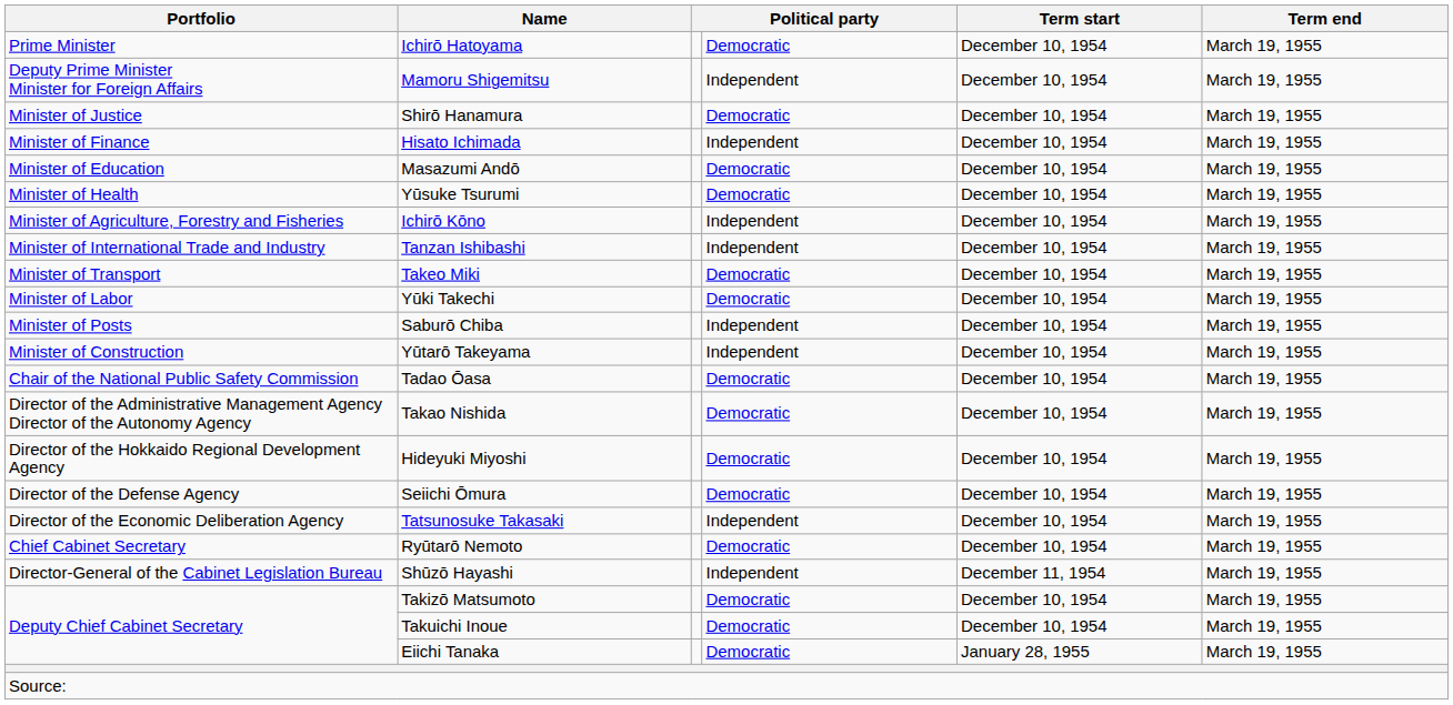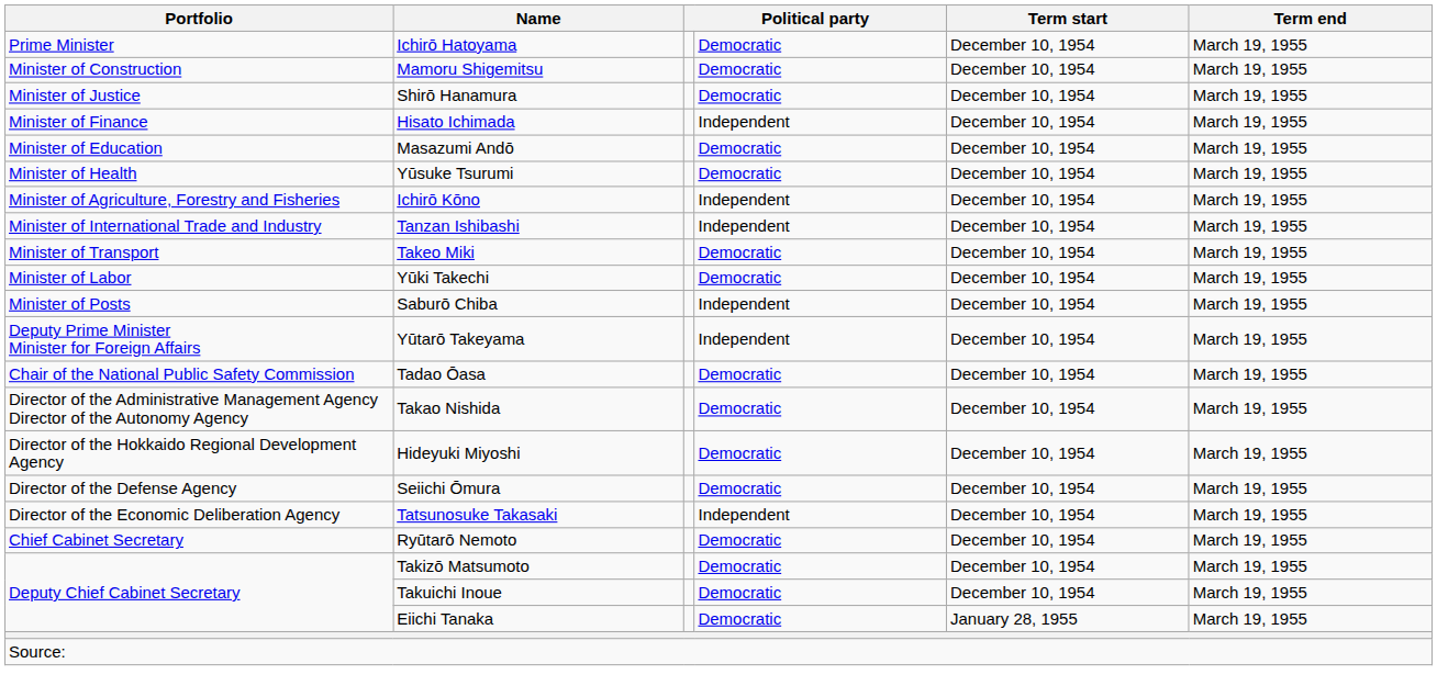 <table class="wikitable" style="font-size: 90%;">
 <tr>
 <th scope="col" width="20%">Portfolio</th>
 <th scope="col" width="15%">Name</th>
 <th colspan="2" scope="col" width="13.5%">Political party</th>
 <th scope="col" width="12.5%">Term start</th>
 <th scope="col" width="12.5%">Term end</th>
 </tr>
 <tr>
 <td style="text-align: left;"><a href='#'>Prime Minister</a></td>
 <td><a href='#'>Ichirō Hatoyama</a></td>
 <td width="0.5%" style="background:"></td>
 <td><a href='#'>Democratic</a></td>
 <td>December 10, 1954</td>
 <td>March 19, 1955</td>
 </tr>
 <tr>
-<td><a href='#'>Deputy Prime Minister</a><br><a href='#'>Minister for Foreign Affairs</a></td>
+<td><a href='#'>Minister of Construction</a></td>
 <td><a href='#'>Mamoru Shigemitsu</a></td>
 <td style="color:inherit;background:"></td>
-<td>Independent</td>
+<td><a href='#'>Democratic</a></td>
 <td>December 10, 1954</td>
 <td>March 19, 1955</td>
 </tr>
 <tr>
 <td><a href='#'>Minister of Justice</a></td>
 <td>Shirō Hanamura</td>
 <td style="color:inherit;background:"></td>
 <td><a href='#'>Democratic</a></td>
 <td>December 10, 1954</td>
 <td>March 19, 1955</td>
 </tr>
 <tr>
 <td><a href='#'>Minister of Finance</a></td>
 <td><a href='#'>Hisato Ichimada</a></td>
 <td style="color:inherit;background:"></td>
 <td>Independent</td>
 <td>December 10, 1954</td>
 <td>March 19, 1955</td>
 </tr>
 <tr>
 <td><a href='#'>Minister of Education</a></td>
 <td>Masazumi Andō</td>
 <td style="color:inherit;background:"></td>
 <td><a href='#'>Democratic</a></td>
 <td>December 10, 1954</td>
 <td>March 19, 1955</td>
 </tr>
 <tr>
 <td><a href='#'>Minister of Health</a></td>
 <td>Yūsuke Tsurumi</td>
 <td style="color:inherit;background:"></td>
 <td><a href='#'>Democratic</a></td>
 <td>December 10, 1954</td>
 <td>March 19, 1955</td>
 </tr>
 <tr>
 <td><a href='#'>Minister of Agriculture, Forestry and Fisheries</a></td>
 <td><a href='#'>Ichirō Kōno</a></td>
 <td style="color:inherit;background:"></td>
 <td>Independent</td>
 <td>December 10, 1954</td>
 <td>March 19, 1955</td>
 </tr>
 <tr>
 <td><a href='#'>Minister of International Trade and Industry</a></td>
 <td><a href='#'>Tanzan Ishibashi</a></td>
 <td style="color:inherit;background:"></td>
 <td>Independent</td>
 <td>December 10, 1954</td>
 <td>March 19, 1955</td>
 </tr>
 <tr>
 <td><a href='#'>Minister of Transport</a></td>
 <td><a href='#'>Takeo Miki</a></td>
 <td style="color:inherit;background:"></td>
 <td><a href='#'>Democratic</a></td>
 <td>December 10, 1954</td>
 <td>March 19, 1955</td>
 </tr>
 <tr>
 <td><a href='#'>Minister of Labor</a></td>
 <td>Yūki Takechi</td>
 <td style="color:inherit;background:"></td>
 <td><a href='#'>Democratic</a></td>
 <td>December 10, 1954</td>
 <td>March 19, 1955</td>
 </tr>
 <tr>
 <td><a href='#'>Minister of Posts</a></td>
 <td>Saburō Chiba</td>
 <td style="color:inherit;background:"></td>
 <td>Independent</td>
 <td>December 10, 1954</td>
 <td>March 19, 1955</td>
 </tr>
 <tr>
-<td><a href='#'>Minister of Construction</a></td>
+<td><a href='#'>Deputy Prime Minister</a><br><a href='#'>Minister for Foreign Affairs</a></td>
 <td>Yūtarō Takeyama</td>
 <td style="color:inherit;background:"></td>
 <td>Independent</td>
 <td>December 10, 1954</td>
 <td>March 19, 1955</td>
 </tr>
 <tr>
 <td><a href='#'>Chair of the National Public Safety Commission</a></td>
 <td>Tadao Ōasa</td>
 <td style="color:inherit;background:"></td>
 <td><a href='#'>Democratic</a></td>
 <td>December 10, 1954</td>
 <td>March 19, 1955</td>
 </tr>
 <tr>
 <td>Director of the Administrative Management Agency<br>Director of the Autonomy Agency</td>
 <td>Takao Nishida</td>
 <td style="color:inherit;background:"></td>
 <td><a href='#'>Democratic</a></td>
 <td>December 10, 1954</td>
 <td>March 19, 1955</td>
 </tr>
 <tr>
 <td>Director of the Hokkaido Regional Development Agency</td>
 <td>Hideyuki Miyoshi</td>
 <td style="color:inherit;background:"></td>
 <td><a href='#'>Democratic</a></td>
 <td>December 10, 1954</td>
 <td>March 19, 1955</td>
 </tr>
 <tr>
 <td>Director of the Defense Agency</td>
 <td>Seiichi Ōmura</td>
 <td style="color:inherit;background:"></td>
 <td><a href='#'>Democratic</a></td>
 <td>December 10, 1954</td>
 <td>March 19, 1955</td>
 </tr>
 <tr>
 <td>Director of the Economic Deliberation Agency</td>
 <td><a href='#'>Tatsunosuke Takasaki</a></td>
 <td style="color:inherit;background:"></td>
 <td>Independent</td>
 <td>December 10, 1954</td>
 <td>March 19, 1955</td>
 </tr>
 <tr>
 <td><a href='#'>Chief Cabinet Secretary</a></td>
 <td>Ryūtarō Nemoto</td>
 <td style="color:inherit;background:"></td>
 <td><a href='#'>Democratic</a></td>
 <td>December 10, 1954</td>
 <td>March 19, 1955</td>
 </tr>
 <tr>
-<td>Director-General of the <a href='#'>Cabinet Legislation Bureau</a></td>
-<td>Shūzō Hayashi</td>
-<td style="color:inherit;background:"></td>
-<td>Independent</td>
-<td>December 11, 1954</td>
-<td>March 19, 1955</td>
-</tr>
-<tr>
 <td rowspan="3"><a href='#'>Deputy Chief Cabinet Secretary</a></td>
 <td>Takizō Matsumoto</td>
 <td style="color:inherit;background:"></td>
 <td><a href='#'>Democratic</a></td>
 <td>December 10, 1954</td>
 <td>March 19, 1955</td>
 </tr>
 <tr>
 <td>Takuichi Inoue</td>
 <td style="color:inherit;background:"></td>
 <td><a href='#'>Democratic</a></td>
 <td>December 10, 1954</td>
 <td>March 19, 1955</td>
 </tr>
 <tr>
 <td>Eiichi Tanaka</td>
 <td style="color:inherit;background:"></td>
 <td><a href='#'>Democratic</a></td>
 <td>January 28, 1955</td>
 <td>March 19, 1955</td>
 </tr>
 <tr>
 <th colspan="6"></th>
 </tr>
 <tr>
 <td colspan="6">Source:</td>
 </tr>
 </table>
